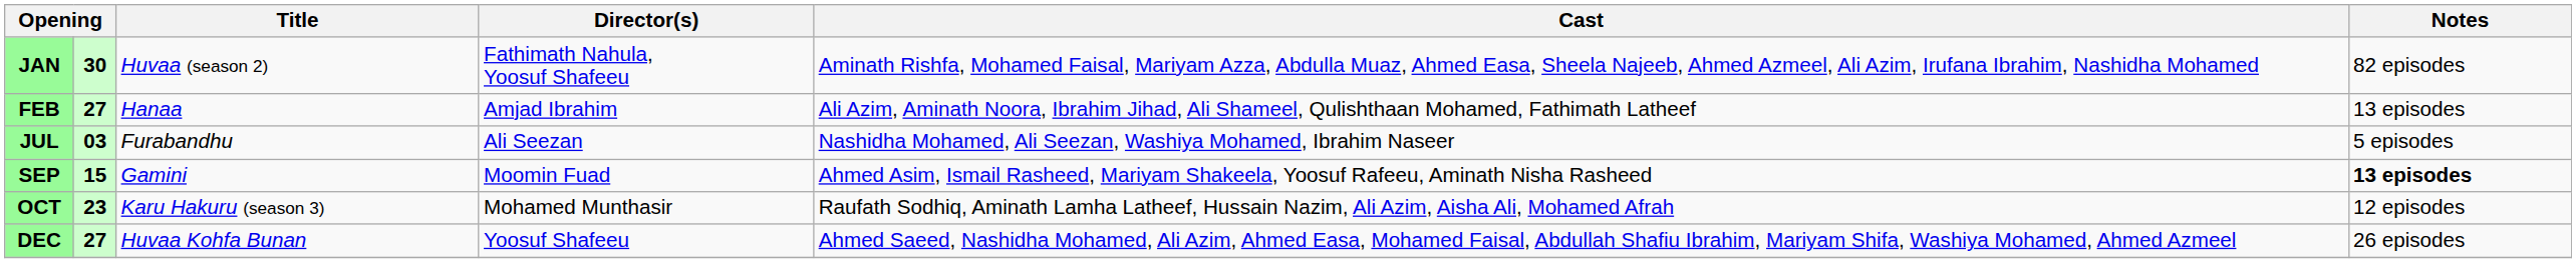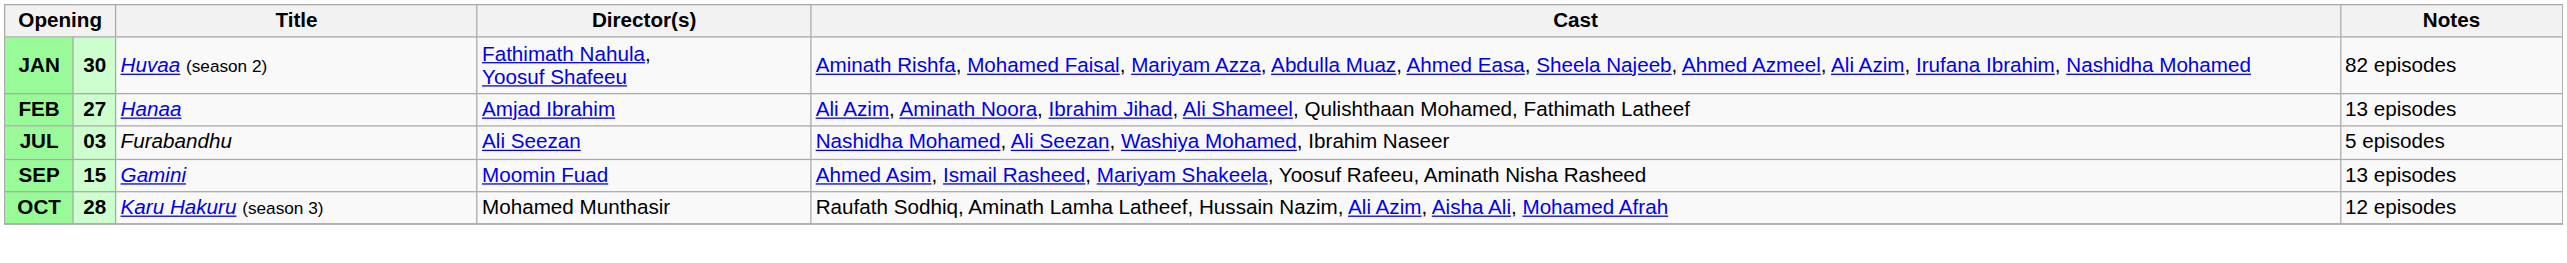 <table class="wikitable plainrowheaders" width="100%">
 <tr>
 <th scope="col" colspan="2" width=4%>Opening</th>
 <th scope="col" width=13%>Title</th>
 <th scope="col" width=12%>Director(s)</th>
 <th scope="col" width=55%>Cast</th>
 <th scope="col" width=8%>Notes</th>
 </tr>
 <tr>
 <td style="text-align:center; background:#98fb98; textcolor:#000;"><strong>JAN</strong></td>
 <td style="text-align:center; textcolor:#000; background:#cdfecd;"><strong>30</strong></td>
 <td><em><a href='#'>Huvaa</a></em> <small>(season 2)</small></td>
 <td><a href='#'>Fathimath Nahula</a>,<br><a href='#'>Yoosuf Shafeeu</a></td>
 <td><a href='#'>Aminath Rishfa</a>, <a href='#'>Mohamed Faisal</a>, <a href='#'>Mariyam Azza</a>, <a href='#'>Abdulla Muaz</a>, <a href='#'>Ahmed Easa</a>, <a href='#'>Sheela Najeeb</a>, <a href='#'>Ahmed Azmeel</a>, <a href='#'>Ali Azim</a>, <a href='#'>Irufana Ibrahim</a>, <a href='#'>Nashidha Mohamed</a></td>
 <td>82 episodes</td>
 </tr>
 <tr>
 <td style="text-align:center; background:#98fb98; textcolor:#000;"><strong>FEB</strong></td>
 <td style="text-align:center; textcolor:#000; background:#cdfecd;"><strong>27</strong></td>
 <td><em><a href='#'>Hanaa</a></em></td>
 <td><a href='#'>Amjad Ibrahim</a></td>
 <td><a href='#'>Ali Azim</a>, <a href='#'>Aminath Noora</a>, <a href='#'>Ibrahim Jihad</a>, <a href='#'>Ali Shameel</a>, Qulishthaan Mohamed, Fathimath Latheef</td>
 <td>13 episodes</td>
 </tr>
 <tr>
 <td style="text-align:center; background:#98fb98; textcolor:#000;"><strong>JUL</strong></td>
 <td style="text-align:center; textcolor:#000; background:#cdfecd;"><strong>03</strong></td>
 <td><em>Furabandhu</em></td>
 <td><a href='#'>Ali Seezan</a></td>
 <td><a href='#'>Nashidha Mohamed</a>, <a href='#'>Ali Seezan</a>, <a href='#'>Washiya Mohamed</a>, Ibrahim Naseer</td>
 <td>5 episodes</td>
 </tr>
 <tr>
 <td style="text-align:center; background:#98fb98; textcolor:#000;"><strong>SEP</strong></td>
 <td style="text-align:center; textcolor:#000; background:#cdfecd;"><strong>15</strong></td>
 <td><em><a href='#'>Gamini</a></em></td>
 <td><a href='#'>Moomin Fuad</a></td>
 <td><a href='#'>Ahmed Asim</a>, <a href='#'>Ismail Rasheed</a>, <a href='#'>Mariyam Shakeela</a>, Yoosuf Rafeeu, Aminath Nisha Rasheed</td>
-<td><strong>13 episodes</strong></td>
+<td>13 episodes</td>
 </tr>
 <tr>
 <td style="text-align:center; background:#98fb98; textcolor:#000;"><strong>OCT</strong></td>
-<td style="text-align:center; textcolor:#000; background:#cdfecd;"><strong>23</strong></td>
+<td style="text-align:center; textcolor:#000; background:#cdfecd;"><strong>28</strong></td>
 <td><em><a href='#'>Karu Hakuru</a></em> <small>(season 3)</small></td>
 <td>Mohamed Munthasir</td>
 <td>Raufath Sodhiq, Aminath Lamha Latheef, Hussain Nazim, <a href='#'>Ali Azim</a>, <a href='#'>Aisha Ali</a>, <a href='#'>Mohamed Afrah</a></td>
 <td>12 episodes</td>
 </tr>
 <tr>
-<td style="text-align:center; background:#98fb98; textcolor:#000;"><strong>DEC</strong></td>
-<td style="text-align:center; textcolor:#000; background:#cdfecd;"><strong>27</strong></td>
-<td><em><a href='#'>Huvaa Kohfa Bunan</a></em></td>
-<td><a href='#'>Yoosuf Shafeeu</a></td>
-<td><a href='#'>Ahmed Saeed</a>, <a href='#'>Nashidha Mohamed</a>, <a href='#'>Ali Azim</a>, <a href='#'>Ahmed Easa</a>, <a href='#'>Mohamed Faisal</a>, <a href='#'>Abdullah Shafiu Ibrahim</a>, <a href='#'>Mariyam Shifa</a>, <a href='#'>Washiya Mohamed</a>, <a href='#'>Ahmed Azmeel</a></td>
-<td>26 episodes</td>
-</tr>
-<tr>
 </tr>
 </table>
